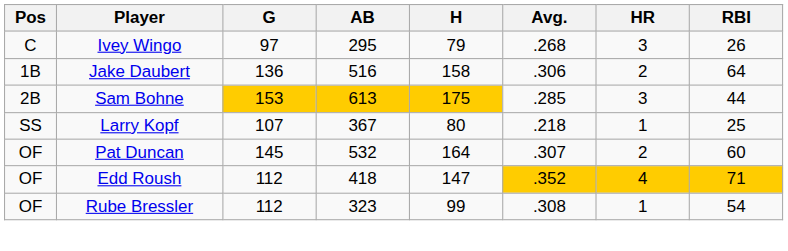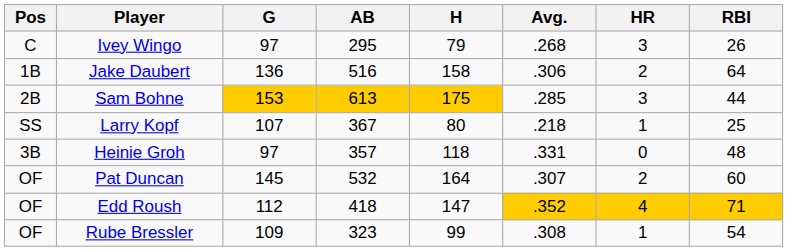 <table class="wikitable sortable">
 <tr>
 <th bgcolor="#DDDDFF" width="5%">Pos</th>
 <th bgcolor="#DDDDFF" width="16%">Player</th>
 <th bgcolor="#DDDDFF" width="9%">G</th>
 <th bgcolor="#DDDDFF" width="9%">AB</th>
 <th bgcolor="#DDDDFF" width="9%">H</th>
 <th bgcolor="#DDDDFF" width="9%">Avg.</th>
 <th bgcolor="#DDDDFF" width="9%">HR</th>
 <th bgcolor="#DDDDFF" width="9%">RBI</th>
 </tr>
 <tr align="center">
 <td>C</td>
 <td><a href='#'>Ivey Wingo</a></td>
 <td>97</td>
 <td>295</td>
 <td>79</td>
 <td>.268</td>
 <td>3</td>
 <td>26</td>
 </tr>
 <tr align="center">
 <td>1B</td>
 <td><a href='#'>Jake Daubert</a></td>
 <td>136</td>
 <td>516</td>
 <td>158</td>
 <td>.306</td>
 <td>2</td>
 <td>64</td>
 </tr>
 <tr align="center">
 <td>2B</td>
 <td><a href='#'>Sam Bohne</a></td>
 <td style="background:#fc0;">153</td>
 <td style="background:#fc0;">613</td>
 <td style="background:#fc0;">175</td>
 <td>.285</td>
 <td>3</td>
 <td>44</td>
 </tr>
 <tr align="center">
 <td>SS</td>
 <td><a href='#'>Larry Kopf</a></td>
 <td>107</td>
 <td>367</td>
 <td>80</td>
 <td>.218</td>
 <td>1</td>
 <td>25</td>
 </tr>
 <tr align="center">
+<td>3B</td>
+<td><a href='#'>Heinie Groh</a></td>
+<td>97</td>
+<td>357</td>
+<td>118</td>
+<td>.331</td>
+<td>0</td>
+<td>48</td>
+</tr>
+<tr align="center">
 <td>OF</td>
 <td><a href='#'>Pat Duncan</a></td>
 <td>145</td>
 <td>532</td>
 <td>164</td>
 <td>.307</td>
 <td>2</td>
 <td>60</td>
 </tr>
 <tr align="center">
 <td>OF</td>
 <td><a href='#'>Edd Roush</a></td>
 <td>112</td>
 <td>418</td>
 <td>147</td>
 <td style="background:#fc0;">.352</td>
 <td style="background:#fc0;">4</td>
 <td style="background:#fc0;">71</td>
 </tr>
 <tr align="center">
 <td>OF</td>
 <td><a href='#'>Rube Bressler</a></td>
-<td>112</td>
+<td>109</td>
 <td>323</td>
 <td>99</td>
 <td>.308</td>
 <td>1</td>
 <td>54</td>
 </tr>
 </table>
